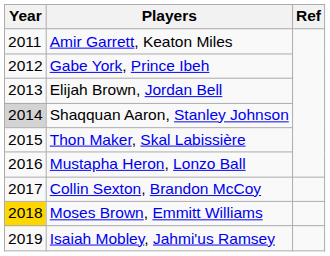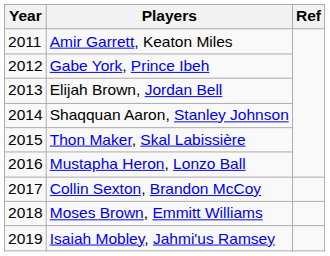 <table class="wikitable">
 <tr>
 <th>Year</th>
 <th>Players</th>
 <th>Ref</th>
 </tr>
 <tr>
 <td>2011</td>
 <td><a href='#'>Amir Garrett</a>, Keaton Miles</td>
 <td rowspan=6></td>
 </tr>
 <tr>
 <td>2012</td>
 <td><a href='#'>Gabe York</a>, <a href='#'>Prince Ibeh</a></td>
 </tr>
 <tr>
 <td>2013</td>
 <td>Elijah Brown, <a href='#'>Jordan Bell</a></td>
 </tr>
 <tr>
-<td style="background: lightgrey;">2014</td>
+<td>2014</td>
 <td>Shaqquan Aaron,  <a href='#'>Stanley Johnson</a></td>
 </tr>
 <tr>
 <td>2015</td>
 <td><a href='#'>Thon Maker</a>, <a href='#'>Skal Labissière</a></td>
 </tr>
 <tr>
 <td>2016</td>
 <td><a href='#'>Mustapha Heron</a>,  <a href='#'>Lonzo Ball</a></td>
 </tr>
 <tr>
 <td>2017</td>
 <td><a href='#'>Collin Sexton</a>, <a href='#'>Brandon McCoy</a></td>
 <td></td>
 </tr>
 <tr>
-<td style="background: gold;">2018</td>
+<td>2018</td>
 <td><a href='#'>Moses Brown</a>, <a href='#'>Emmitt Williams</a></td>
 <td></td>
 </tr>
 <tr>
 <td>2019</td>
 <td><a href='#'>Isaiah Mobley</a>, <a href='#'>Jahmi'us Ramsey</a></td>
 <td></td>
 </tr>
 </table>
